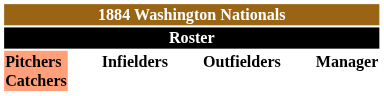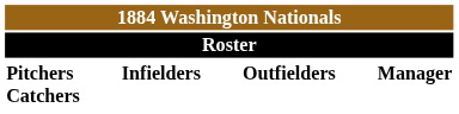 <table class="toccolours" style="font-size: 95%;">
 <tr>
 <th colspan="10" style="background-color: #996515; color: white; text-align: center;">1884 Washington Nationals</th>
 </tr>
 <tr>
 <td colspan="10" style="background-color: black; color: white; text-align: center;"><strong>Roster</strong></td>
 </tr>
 <tr>
-<td valign="top" style="background: lightsalmon;"><strong>Pitchers</strong><br>     <strong>Catchers</strong>       </td>
+<td valign="top"><strong>Pitchers</strong><br>     <strong>Catchers</strong>       </td>
 <td width="25px"></td>
 <td valign="top"><strong>Infielders</strong><br>                    </td>
 <td width="25px"></td>
 <td valign="top"><strong>Outfielders</strong><br>                 </td>
 <td width="25px"></td>
 <td valign="top"><strong>Manager</strong><br></td>
 </tr>
 </table>
